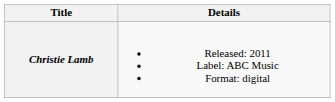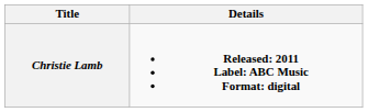 <table class="wikitable plainrowheaders" style="text-align:center;">
 <tr>
 <th scope="col" rowspan="1" style="width:10em;">Title</th>
 <th scope="col" rowspan="1" style="width:19em;">Details</th>
 </tr>
 <tr>
 <th scope="row"><em>Christie Lamb</em></th>
-<td><br><ul><li>Released: 2011</li><li>Label: ABC Music</li><li>Format: digital</li></ul></td>
+<td><strong><br><ul><li>Released: 2011</li><li>Label: ABC Music</li><li>Format: digital</li></ul></strong></td>
 </tr>
 </table>
